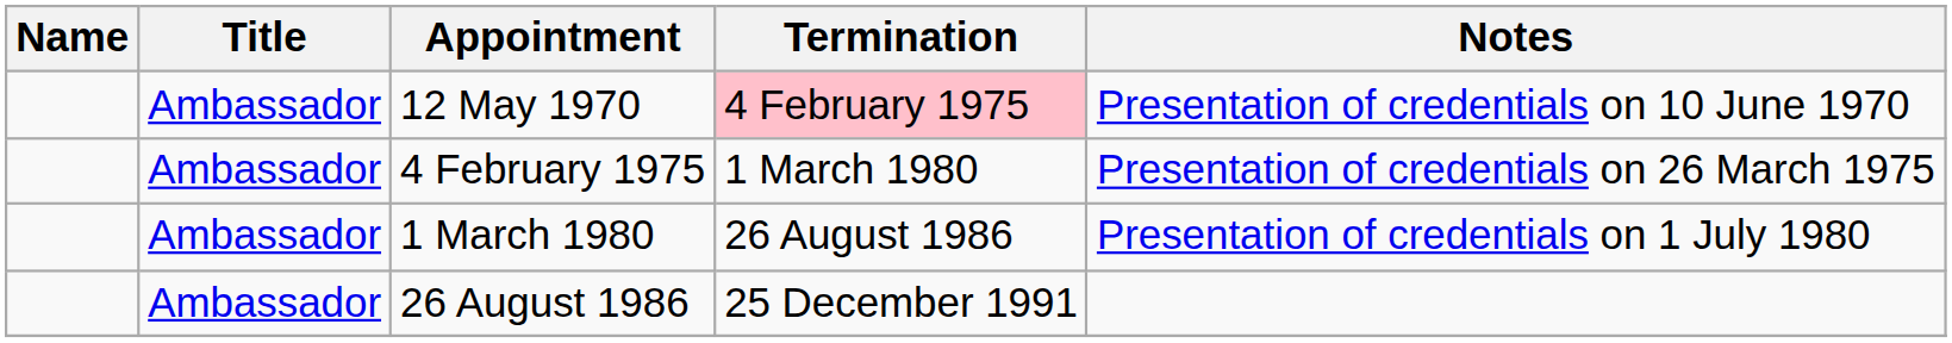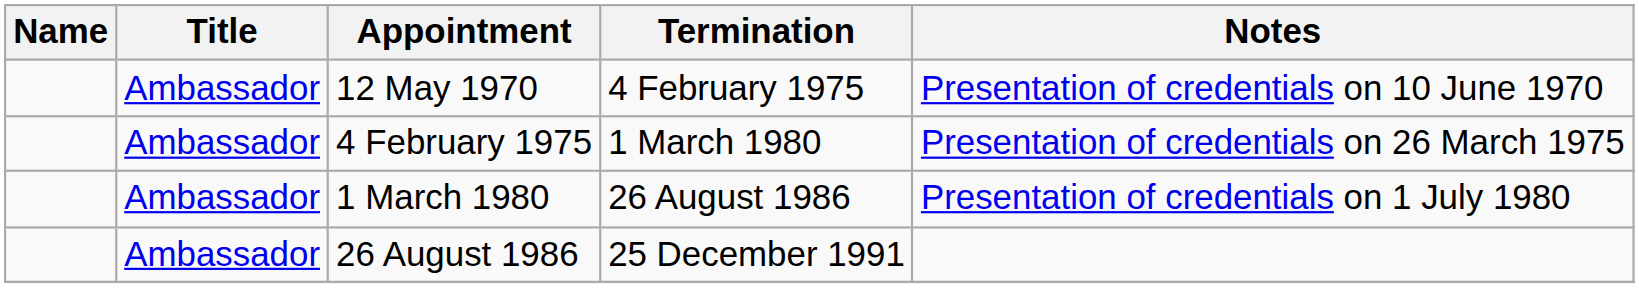 <table class="wikitable">
 <tr valign="middle">
 <th>Name</th>
 <th>Title</th>
 <th>Appointment</th>
 <th>Termination</th>
 <th>Notes</th>
 </tr>
 <tr>
 <td></td>
 <td><a href='#'>Ambassador</a></td>
 <td>12 May 1970</td>
-<td style="background: pink;">4 February 1975</td>
+<td>4 February 1975</td>
 <td><a href='#'>Presentation of credentials</a> on 10 June 1970</td>
 </tr>
 <tr>
 <td></td>
 <td><a href='#'>Ambassador</a></td>
 <td>4 February 1975</td>
 <td>1 March 1980</td>
 <td><a href='#'>Presentation of credentials</a> on 26 March 1975</td>
 </tr>
 <tr>
 <td></td>
 <td><a href='#'>Ambassador</a></td>
 <td>1 March 1980</td>
 <td>26 August 1986</td>
 <td><a href='#'>Presentation of credentials</a> on 1 July 1980</td>
 </tr>
 <tr>
 <td></td>
 <td><a href='#'>Ambassador</a></td>
 <td>26 August 1986</td>
 <td>25 December 1991</td>
 <td></td>
 </tr>
 <tr>
 </tr>
 </table>
